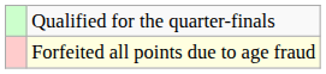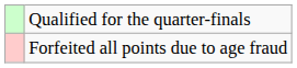 <table class="wikitable">
 <tr>
 <td width=10px bgcolor="#ccffcc"></td>
 <td>Qualified for the quarter-finals</td>
 </tr>
 <tr>
 <td width=10px bgcolor="#ffcccc"></td>
-<td style="background: lightyellow;">Forfeited all points due to age fraud </td>
+<td>Forfeited all points due to age fraud </td>
 </tr>
 </table>
